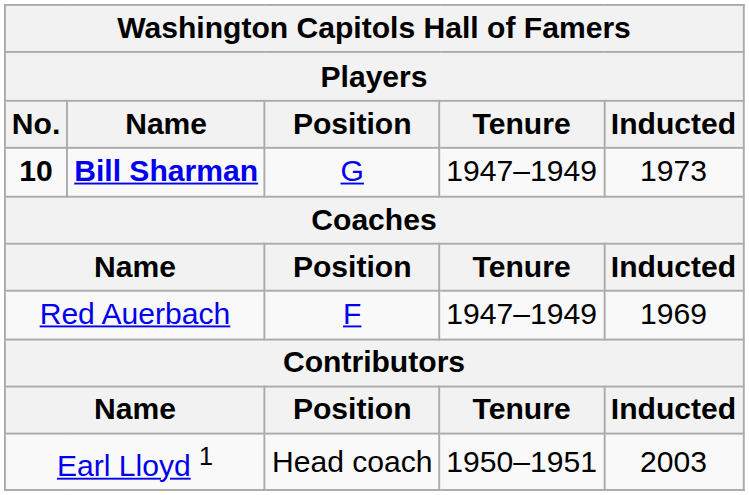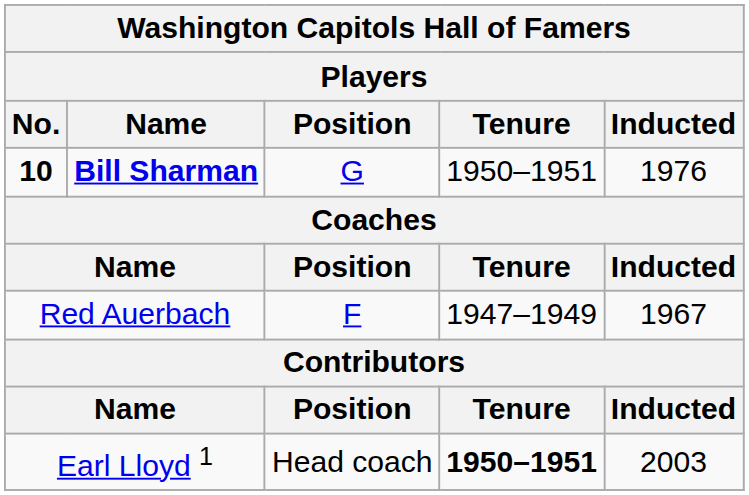 <table class="wikitable" style="text-align:center">
 <tr>
 <th colspan="5">Washington Capitols Hall of Famers</th>
 </tr>
 <tr>
 <th colspan="5">Players</th>
 </tr>
 <tr>
 <th>No.</th>
 <th>Name</th>
 <th>Position</th>
 <th>Tenure</th>
 <th>Inducted</th>
 </tr>
 <tr>
 <td><strong>10</strong></td>
 <td><strong><a href='#'>Bill Sharman</a></strong></td>
 <td><a href='#'>G</a></td>
-<td>1947–1949</td>
-<td>1973</td>
+<td>1950–1951</td>
+<td>1976</td>
 </tr>
 <tr>
 <th colspan="5">Coaches</th>
 </tr>
 <tr>
 <th colspan="2">Name</th>
 <th>Position</th>
 <th>Tenure</th>
 <th>Inducted</th>
 </tr>
 <tr>
 <td colspan="2"><a href='#'>Red Auerbach</a></td>
 <td><a href='#'>F</a></td>
 <td>1947–1949</td>
-<td>1969</td>
+<td>1967</td>
 </tr>
 <tr>
 <th colspan="5">Contributors</th>
 </tr>
 <tr>
 <th colspan="2">Name</th>
 <th>Position</th>
 <th>Tenure</th>
 <th>Inducted</th>
 </tr>
 <tr>
 <td colspan="2"><a href='#'>Earl Lloyd</a> <sup>1</sup></td>
 <td>Head coach</td>
-<td>1950–1951</td>
+<td><strong>1950–1951</strong></td>
 <td>2003</td>
 </tr>
 </table>
